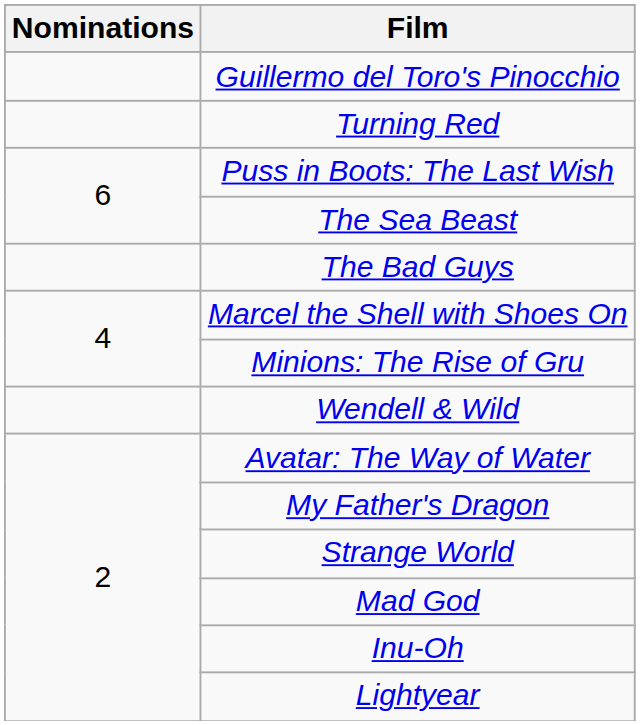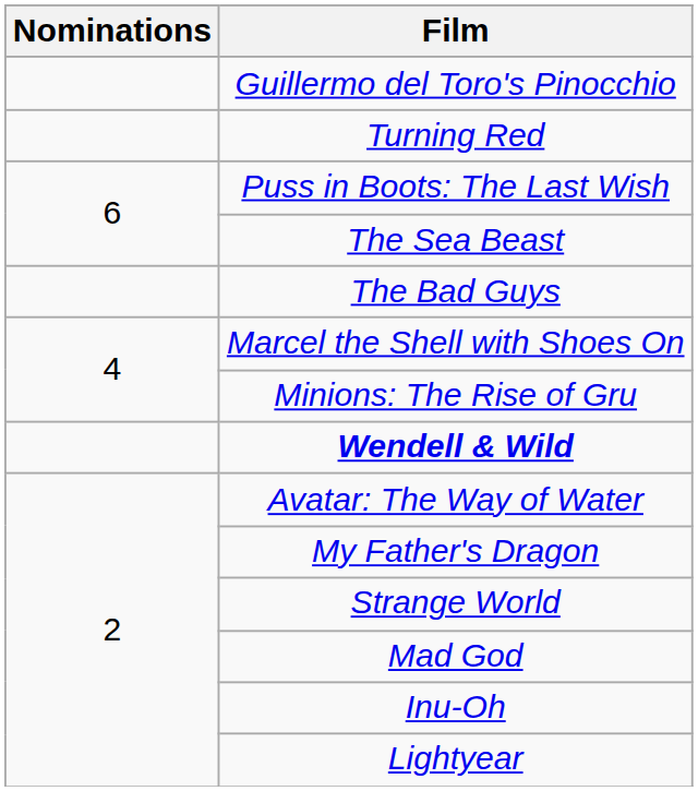 <table class="wikitable" style="text-align: center">
 <tr>
 <th scope="col" width="55">Nominations</th>
 <th scope="col" align="center">Film</th>
 </tr>
 <tr>
 <td></td>
 <td><em><a href='#'>Guillermo del Toro's Pinocchio</a></em></td>
 </tr>
 <tr>
 <td></td>
 <td><em><a href='#'>Turning Red</a></em></td>
 </tr>
 <tr>
 <td rowspan="2" style="text-align:center">6</td>
 <td><em><a href='#'>Puss in Boots: The Last Wish</a></em></td>
 </tr>
 <tr>
 <td><em><a href='#'>The Sea Beast</a></em></td>
 </tr>
 <tr>
 <td></td>
 <td><em><a href='#'>The Bad Guys</a></em></td>
 </tr>
 <tr>
 <td rowspan=2 style="text-align:center">4</td>
 <td><em><a href='#'>Marcel the Shell with Shoes On</a></em></td>
 </tr>
 <tr>
 <td><em><a href='#'>Minions: The Rise of Gru</a></em></td>
 </tr>
 <tr>
 <td></td>
-<td><em><a href='#'>Wendell & Wild</a></em></td>
+<td><strong><em><a href='#'>Wendell & Wild</a></em></strong></td>
 </tr>
 <tr>
 <td rowspan="6" style="text-align:center">2</td>
 <td><em><a href='#'>Avatar: The Way of Water</a></em></td>
 </tr>
 <tr>
 <td><em><a href='#'>My Father's Dragon</a></em></td>
 </tr>
 <tr>
 <td><em><a href='#'>Strange World</a></em></td>
 </tr>
 <tr>
 <td><em><a href='#'>Mad God</a></em></td>
 </tr>
 <tr>
 <td><em><a href='#'>Inu-Oh</a></em></td>
 </tr>
 <tr>
 <td><em><a href='#'>Lightyear</a></em></td>
 </tr>
 </table>
